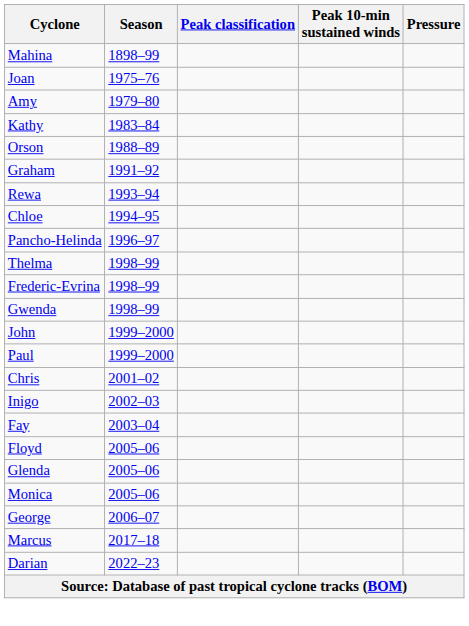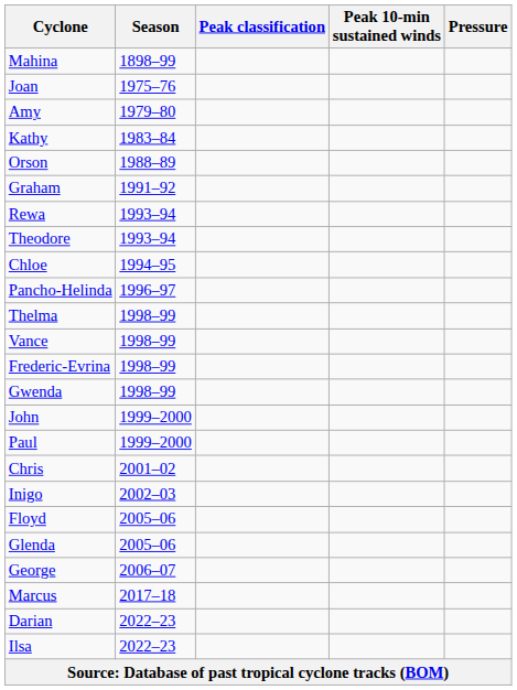 <table class="wikitable sortable">
 <tr>
 <th>Cyclone</th>
 <th>Season</th>
 <th><a href='#'>Peak classification</a></th>
 <th>Peak 10-min<br>sustained winds</th>
 <th>Pressure</th>
 </tr>
 <tr>
 <td><a href='#'>Mahina</a></td>
 <td><a href='#'>1898–99</a></td>
 <td></td>
 <td></td>
 <td></td>
 </tr>
 <tr>
 <td><a href='#'>Joan</a></td>
 <td><a href='#'>1975–76</a></td>
 <td></td>
 <td></td>
 <td></td>
 </tr>
 <tr>
 <td><a href='#'>Amy</a></td>
 <td><a href='#'>1979–80</a></td>
 <td></td>
 <td></td>
 <td></td>
 </tr>
 <tr>
 <td><a href='#'>Kathy</a></td>
 <td><a href='#'>1983–84</a></td>
 <td></td>
 <td></td>
 <td></td>
 </tr>
 <tr>
 <td><a href='#'>Orson</a></td>
 <td><a href='#'>1988–89</a></td>
 <td></td>
 <td></td>
 <td></td>
 </tr>
 <tr>
 <td><a href='#'>Graham</a></td>
 <td><a href='#'>1991–92</a></td>
 <td></td>
 <td></td>
 <td></td>
 </tr>
 <tr>
 <td><a href='#'>Rewa</a></td>
 <td><a href='#'>1993–94</a></td>
 <td></td>
 <td></td>
 <td></td>
 </tr>
 <tr>
+<td><a href='#'>Theodore</a></td>
+<td><a href='#'>1993–94</a></td>
+<td></td>
+<td></td>
+<td></td>
+</tr>
+<tr>
 <td><a href='#'>Chloe</a></td>
 <td><a href='#'>1994–95</a></td>
 <td></td>
 <td></td>
 <td></td>
 </tr>
 <tr>
 <td><a href='#'>Pancho-Helinda</a></td>
 <td><a href='#'>1996–97</a></td>
 <td></td>
 <td></td>
 <td></td>
 </tr>
 <tr>
 <td><a href='#'>Thelma</a></td>
+<td><a href='#'>1998–99</a></td>
+<td></td>
+<td></td>
+<td></td>
+</tr>
+<tr>
+<td><a href='#'>Vance</a></td>
 <td><a href='#'>1998–99</a></td>
 <td></td>
 <td></td>
 <td></td>
 </tr>
 <tr>
 <td><a href='#'>Frederic-Evrina</a></td>
 <td><a href='#'>1998–99</a></td>
 <td></td>
 <td></td>
 <td></td>
 </tr>
 <tr>
 <td><a href='#'>Gwenda</a></td>
 <td><a href='#'>1998–99</a></td>
 <td></td>
 <td></td>
 <td></td>
 </tr>
 <tr>
 <td><a href='#'>John</a></td>
 <td><a href='#'>1999–2000</a></td>
 <td></td>
 <td></td>
 <td></td>
 </tr>
 <tr>
 <td><a href='#'>Paul</a></td>
 <td><a href='#'>1999–2000</a></td>
 <td></td>
 <td></td>
 <td></td>
 </tr>
 <tr>
 <td><a href='#'>Chris</a></td>
 <td><a href='#'>2001–02</a></td>
 <td></td>
 <td></td>
 <td></td>
 </tr>
 <tr>
 <td><a href='#'>Inigo</a></td>
 <td><a href='#'>2002–03</a></td>
 <td></td>
 <td></td>
 <td></td>
 </tr>
 <tr>
-<td><a href='#'>Fay</a></td>
-<td><a href='#'>2003–04</a></td>
-<td></td>
-<td></td>
-<td></td>
-</tr>
-<tr>
 <td><a href='#'>Floyd</a></td>
 <td><a href='#'>2005–06</a></td>
 <td></td>
 <td></td>
 <td></td>
 </tr>
 <tr>
 <td><a href='#'>Glenda</a></td>
-<td><a href='#'>2005–06</a></td>
-<td></td>
-<td></td>
-<td></td>
-</tr>
-<tr>
-<td><a href='#'>Monica</a></td>
 <td><a href='#'>2005–06</a></td>
 <td></td>
 <td></td>
 <td></td>
 </tr>
 <tr>
 <td><a href='#'>George</a></td>
 <td><a href='#'>2006–07</a></td>
 <td></td>
 <td></td>
 <td></td>
 </tr>
 <tr>
 <td><a href='#'>Marcus</a></td>
 <td><a href='#'>2017–18</a></td>
 <td></td>
 <td></td>
 <td></td>
 </tr>
 <tr>
 <td><a href='#'>Darian</a></td>
 <td><a href='#'>2022–23</a></td>
 <td></td>
 <td></td>
 <td></td>
 </tr>
 <tr>
+<td><a href='#'>Ilsa</a></td>
+<td><a href='#'>2022–23</a></td>
+<td></td>
+<td></td>
+<td></td>
+</tr>
+<tr>
 <th colspan="5">Source: Database of past tropical cyclone tracks (<a href='#'>BOM</a>)</th>
 </tr>
 </table>
